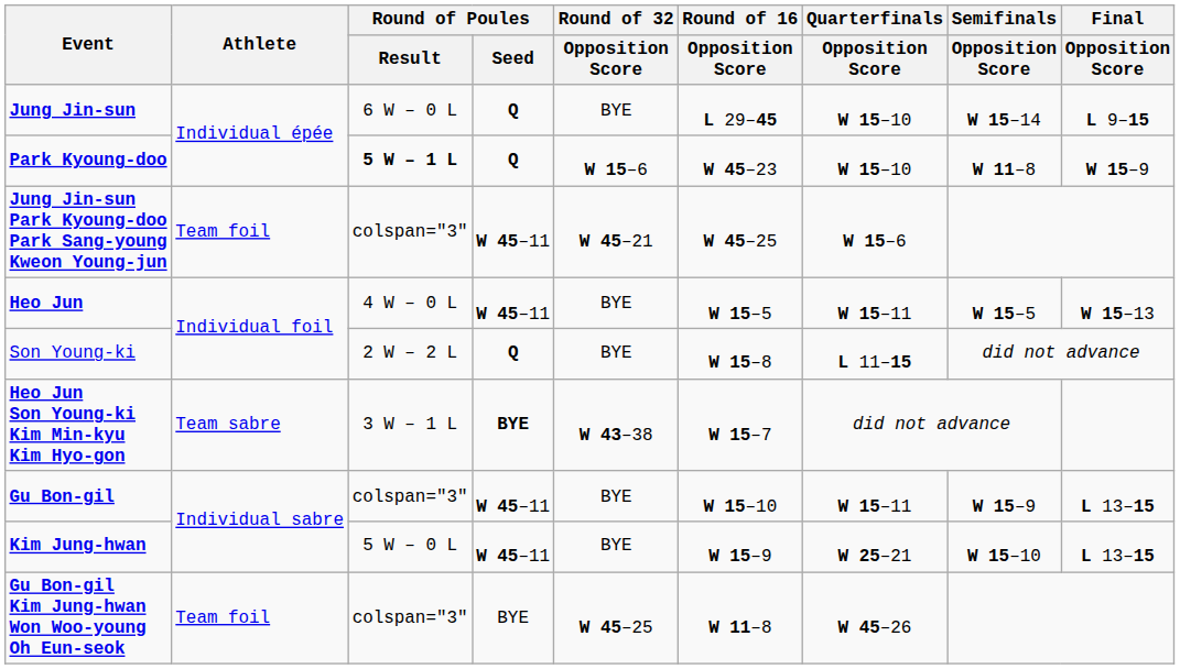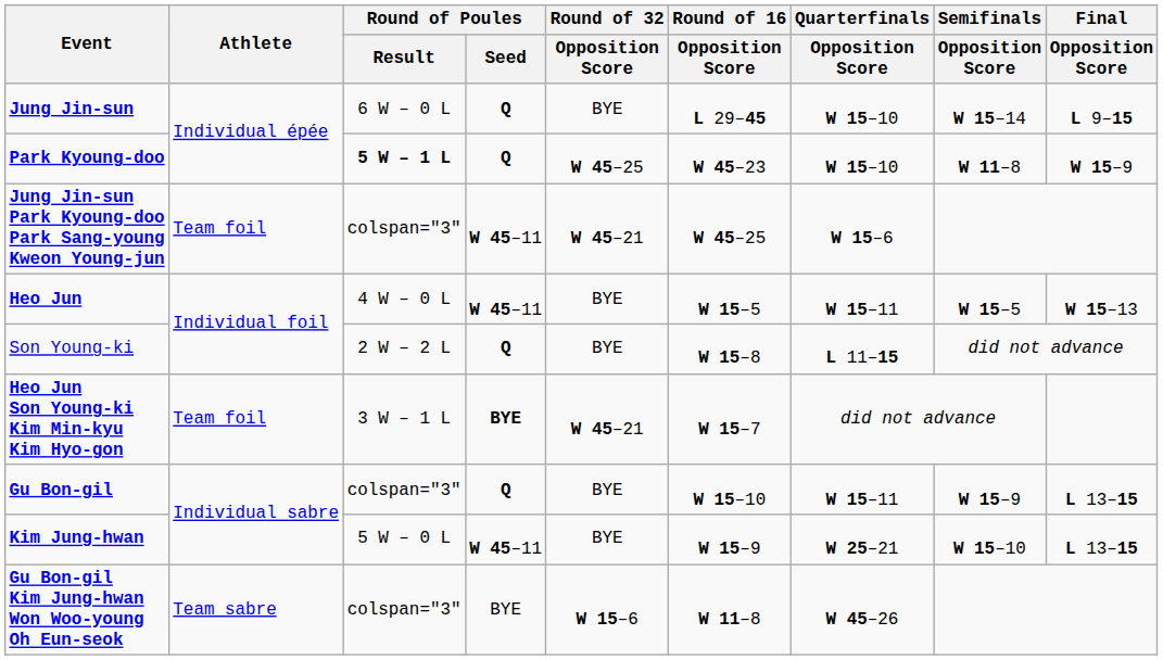 <table class="wikitable" border="1" style="font-size:90%">
 <tr>
 <th rowspan=2>Event</th>
 <th rowspan=2>Athlete</th>
 <th colspan=2>Round of Poules</th>
 <th>Round of 32</th>
 <th>Round of 16</th>
 <th>Quarterfinals</th>
 <th>Semifinals</th>
 <th>Final</th>
 </tr>
 <tr>
 <th>Result</th>
 <th>Seed</th>
 <th>Opposition<br>Score</th>
 <th>Opposition<br>Score</th>
 <th>Opposition<br>Score</th>
 <th>Opposition<br>Score</th>
 <th>Opposition<br>Score</th>
 </tr>
 <tr>
 <td><strong><a href='#'>Jung Jin-sun</a></strong></td>
 <td rowspan=2><a href='#'>Individual épée</a></td>
 <td align=center>6 W – 0 L</td>
 <td align=center><strong>Q</strong></td>
 <td align=center>BYE</td>
 <td align=center><br><strong>L</strong> 29–<strong>45</strong> <br></td>
 <td align=center><br><strong>W</strong> <strong>15</strong>–10</td>
 <td align=center><br><strong>W</strong> <strong>15</strong>–14</td>
 <td align=center><br><strong>L</strong> 9–<strong>15</strong> <br></td>
 </tr>
 <tr>
 <td><strong><a href='#'>Park Kyoung-doo</a></strong></td>
 <td align=center><strong>5 W – 1 L</strong></td>
 <td align=center><strong>Q</strong></td>
-<td align=center><br><strong>W</strong> <strong>15</strong>–6</td>
+<td align=center><br><strong>W</strong> <strong>45</strong>–25</td>
 <td align=center><br><strong>W</strong> <strong>45</strong>–23</td>
 <td align=center><br><strong>W</strong> <strong>15</strong>–10</td>
 <td align=center><br><strong>W</strong> <strong>11</strong>–8</td>
 <td align=center><br><strong>W</strong> <strong>15</strong>–9 <br></td>
 </tr>
 <tr>
 <td><strong><a href='#'>Jung Jin-sun</a><br><a href='#'>Park Kyoung-doo</a><br><a href='#'>Park Sang-young</a><br><a href='#'>Kweon Young-jun</a></strong></td>
 <td><a href='#'>Team foil</a></td>
 <td>colspan="3" </td>
 <td align=center><br><strong>W</strong> <strong>45</strong>–11</td>
 <td align=center><br><strong>W</strong> <strong>45</strong>–21</td>
 <td align=center><br><strong>W</strong> <strong>45</strong>–25</td>
 <td align=center><br><strong>W</strong> <strong>15</strong>–6</td>
 </tr>
 <tr>
 <td><strong><a href='#'>Heo Jun</a></strong></td>
 <td rowspan=2><a href='#'>Individual foil</a></td>
 <td align=center>4 W – 0 L</td>
 <td align=center><br><strong>W</strong> <strong>45</strong>–11</td>
 <td align=center>BYE</td>
 <td align=center><br><strong>W</strong> <strong>15</strong>–5</td>
 <td align=center><br><strong>W</strong> <strong>15</strong>–11</td>
 <td align=center><br><strong>W</strong> <strong>15</strong>–5</td>
 <td align=center><br><strong>W</strong> <strong>15</strong>–13 <br></td>
 </tr>
 <tr>
 <td><a href='#'>Son Young-ki</a></td>
 <td align=center>2 W – 2 L</td>
 <td align=center><strong>Q</strong></td>
 <td align=center>BYE</td>
 <td align=center><br><strong>W</strong> <strong>15</strong>–8</td>
 <td align=center><br><strong>L</strong> 11–<strong>15</strong></td>
 <td align=center colspan=3><em>did not advance</em></td>
 </tr>
 <tr>
 <td><strong><a href='#'>Heo Jun</a><br><a href='#'>Son Young-ki</a><br><a href='#'>Kim Min-kyu</a><br><a href='#'>Kim Hyo-gon</a></strong></td>
-<td><a href='#'>Team sabre</a></td>
+<td><a href='#'>Team foil</a></td>
 <td align=center>3 W – 1 L</td>
 <td align=center><strong>BYE</strong></td>
-<td align=center><br><strong>W</strong> <strong>43</strong>–38</td>
+<td align=center><br><strong>W</strong> <strong>45</strong>–21</td>
 <td align=center><br><strong>W</strong> <strong>15</strong>–7</td>
 <td align=center colspan=2><em>did not advance</em></td>
 </tr>
 <tr>
 <td><strong><a href='#'>Gu Bon-gil</a></strong></td>
 <td rowspan=2><a href='#'>Individual sabre</a></td>
 <td>colspan="3" </td>
-<td align=center><br><strong>W</strong> <strong>45</strong>–11</td>
+<td align=center><strong>Q</strong></td>
 <td align=center>BYE</td>
 <td align=center><br><strong>W</strong> <strong>15</strong>–10</td>
 <td align=center><br><strong>W</strong> <strong>15</strong>–11</td>
 <td align=center><br><strong>W</strong> <strong>15</strong>–9</td>
 <td align=center><br><strong>L</strong> 13–<strong>15</strong> <br></td>
 </tr>
 <tr>
 <td><strong><a href='#'>Kim Jung-hwan</a></strong></td>
 <td align=center>5 W – 0 L</td>
 <td align=center><br><strong>W</strong> <strong>45</strong>–11</td>
 <td align=center>BYE</td>
 <td align=center><br><strong>W</strong> <strong>15</strong>–9</td>
 <td align=center><br><strong>W</strong> <strong>25</strong>–21 <br></td>
 <td align=center><br><strong>W</strong> <strong>15</strong>–10</td>
 <td align=center><br><strong>L</strong> 13–<strong>15</strong> <br></td>
 </tr>
 <tr>
 <td><strong><a href='#'>Gu Bon-gil</a><br><a href='#'>Kim Jung-hwan</a><br><a href='#'>Won Woo-young</a><br><a href='#'>Oh Eun-seok</a></strong></td>
-<td><a href='#'>Team foil</a></td>
+<td><a href='#'>Team sabre</a></td>
 <td>colspan="3" </td>
 <td align=center>BYE</td>
-<td align=center><br><strong>W</strong> <strong>45</strong>–25</td>
+<td align=center><br><strong>W</strong> <strong>15</strong>–6</td>
 <td align=center><br><strong>W</strong> <strong>11</strong>–8</td>
 <td align=center><br><strong>W</strong> <strong>45</strong>–26 <br></td>
 </tr>
 </table>
